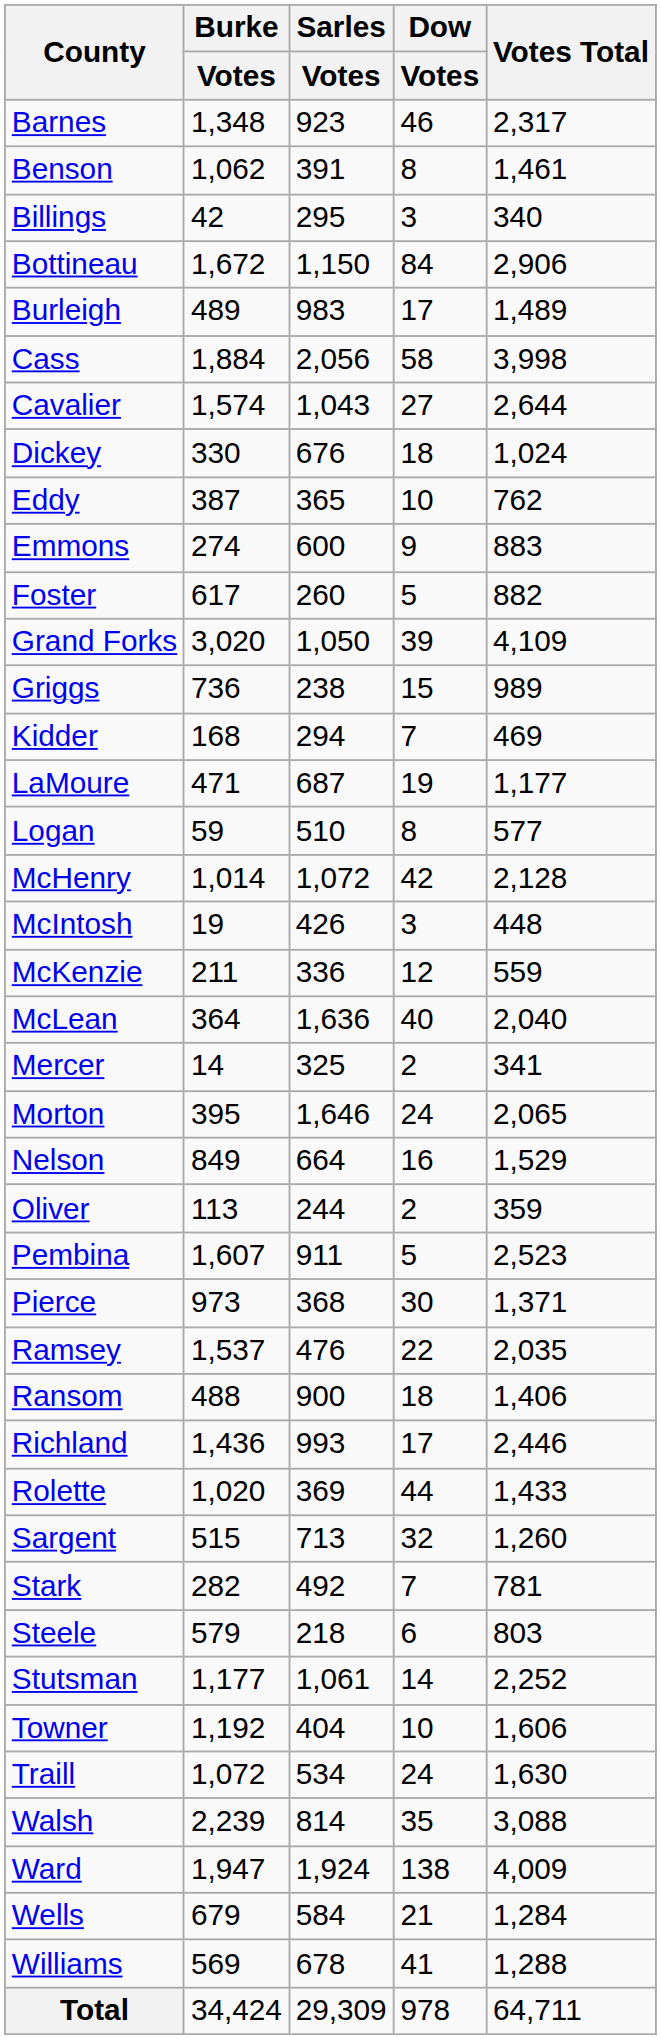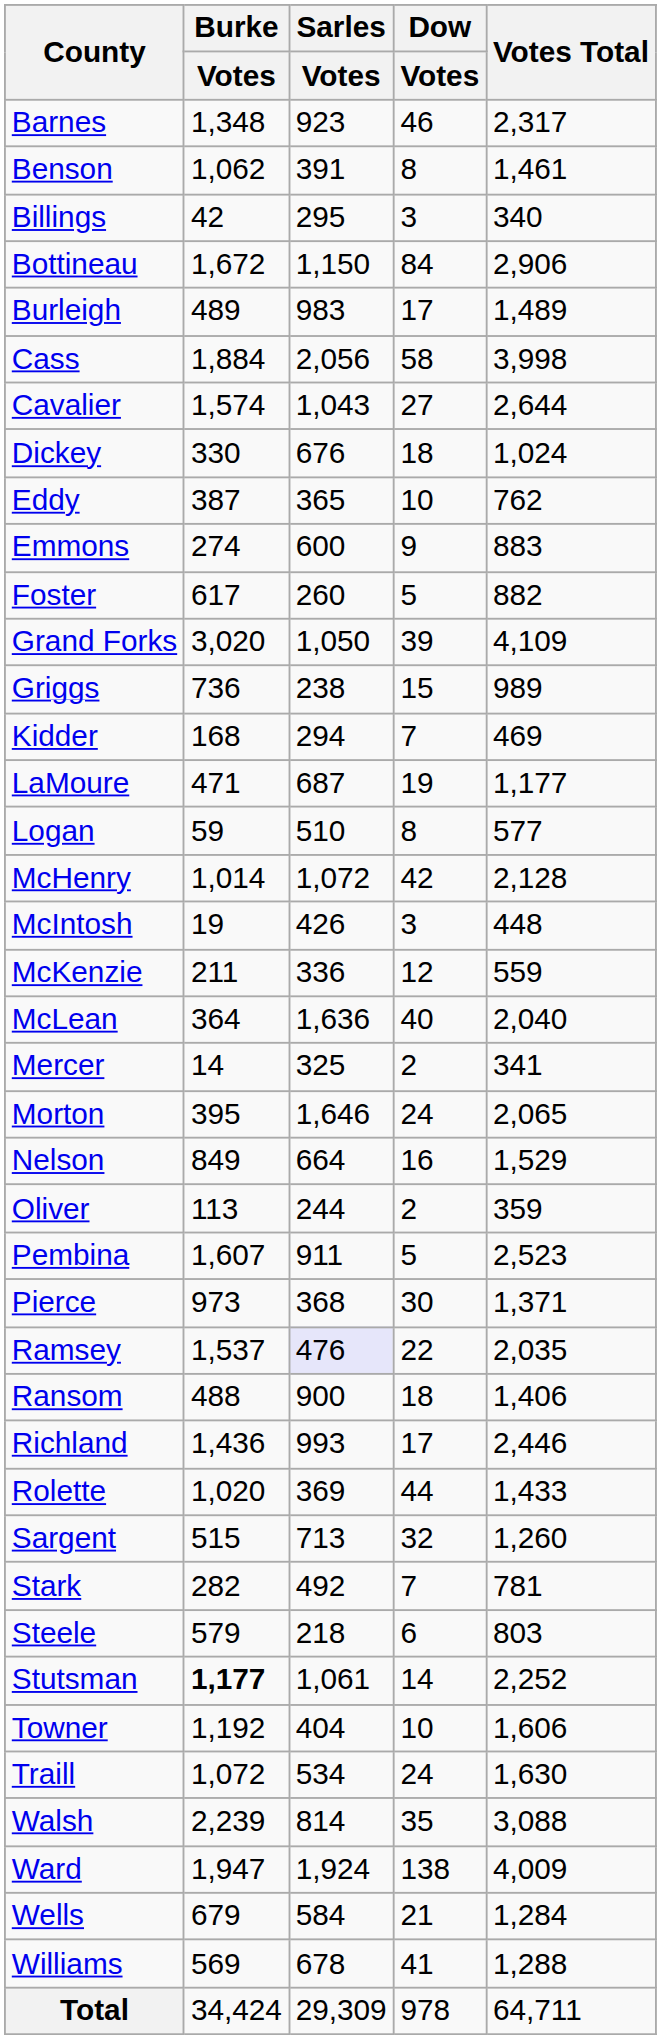 <table class="wikitable sortable">
 <tr>
 <th rowspan="2">County</th>
 <th>Burke</th>
 <th>Sarles</th>
 <th>Dow</th>
 <th rowspan="2">Votes Total</th>
 </tr>
 <tr>
 <th>Votes</th>
 <th>Votes</th>
 <th>Votes</th>
 </tr>
 <tr>
 <td><a href='#'>Barnes</a></td>
 <td>1,348</td>
 <td>923</td>
 <td>46</td>
 <td>2,317</td>
 </tr>
 <tr>
 <td><a href='#'>Benson</a></td>
 <td>1,062</td>
 <td>391</td>
 <td>8</td>
 <td>1,461</td>
 </tr>
 <tr>
 <td><a href='#'>Billings</a></td>
 <td>42</td>
 <td>295</td>
 <td>3</td>
 <td>340</td>
 </tr>
 <tr>
 <td><a href='#'>Bottineau</a></td>
 <td>1,672</td>
 <td>1,150</td>
 <td>84</td>
 <td>2,906</td>
 </tr>
 <tr>
 <td><a href='#'>Burleigh</a></td>
 <td>489</td>
 <td>983</td>
 <td>17</td>
 <td>1,489</td>
 </tr>
 <tr>
 <td><a href='#'>Cass</a></td>
 <td>1,884</td>
 <td>2,056</td>
 <td>58</td>
 <td>3,998</td>
 </tr>
 <tr>
 <td><a href='#'>Cavalier</a></td>
 <td>1,574</td>
 <td>1,043</td>
 <td>27</td>
 <td>2,644</td>
 </tr>
 <tr>
 <td><a href='#'>Dickey</a></td>
 <td>330</td>
 <td>676</td>
 <td>18</td>
 <td>1,024</td>
 </tr>
 <tr>
 <td><a href='#'>Eddy</a></td>
 <td>387</td>
 <td>365</td>
 <td>10</td>
 <td>762</td>
 </tr>
 <tr>
 <td><a href='#'>Emmons</a></td>
 <td>274</td>
 <td>600</td>
 <td>9</td>
 <td>883</td>
 </tr>
 <tr>
 <td><a href='#'>Foster</a></td>
 <td>617</td>
 <td>260</td>
 <td>5</td>
 <td>882</td>
 </tr>
 <tr>
 <td><a href='#'>Grand Forks</a></td>
 <td>3,020</td>
 <td>1,050</td>
 <td>39</td>
 <td>4,109</td>
 </tr>
 <tr>
 <td><a href='#'>Griggs</a></td>
 <td>736</td>
 <td>238</td>
 <td>15</td>
 <td>989</td>
 </tr>
 <tr>
 <td><a href='#'>Kidder</a></td>
 <td>168</td>
 <td>294</td>
 <td>7</td>
 <td>469</td>
 </tr>
 <tr>
 <td><a href='#'>LaMoure</a></td>
 <td>471</td>
 <td>687</td>
 <td>19</td>
 <td>1,177</td>
 </tr>
 <tr>
 <td><a href='#'>Logan</a></td>
 <td>59</td>
 <td>510</td>
 <td>8</td>
 <td>577</td>
 </tr>
 <tr>
 <td><a href='#'>McHenry</a></td>
 <td>1,014</td>
 <td>1,072</td>
 <td>42</td>
 <td>2,128</td>
 </tr>
 <tr>
 <td><a href='#'>McIntosh</a></td>
 <td>19</td>
 <td>426</td>
 <td>3</td>
 <td>448</td>
 </tr>
 <tr>
 <td><a href='#'>McKenzie</a></td>
 <td>211</td>
 <td>336</td>
 <td>12</td>
 <td>559</td>
 </tr>
 <tr>
 <td><a href='#'>McLean</a></td>
 <td>364</td>
 <td>1,636</td>
 <td>40</td>
 <td>2,040</td>
 </tr>
 <tr>
 <td><a href='#'>Mercer</a></td>
 <td>14</td>
 <td>325</td>
 <td>2</td>
 <td>341</td>
 </tr>
 <tr>
 <td><a href='#'>Morton</a></td>
 <td>395</td>
 <td>1,646</td>
 <td>24</td>
 <td>2,065</td>
 </tr>
 <tr>
 <td><a href='#'>Nelson</a></td>
 <td>849</td>
 <td>664</td>
 <td>16</td>
 <td>1,529</td>
 </tr>
 <tr>
 <td><a href='#'>Oliver</a></td>
 <td>113</td>
 <td>244</td>
 <td>2</td>
 <td>359</td>
 </tr>
 <tr>
 <td><a href='#'>Pembina</a></td>
 <td>1,607</td>
 <td>911</td>
 <td>5</td>
 <td>2,523</td>
 </tr>
 <tr>
 <td><a href='#'>Pierce</a></td>
 <td>973</td>
 <td>368</td>
 <td>30</td>
 <td>1,371</td>
 </tr>
 <tr>
 <td><a href='#'>Ramsey</a></td>
 <td>1,537</td>
-<td>476</td>
+<td style="background: lavender;">476</td>
 <td>22</td>
 <td>2,035</td>
 </tr>
 <tr>
 <td><a href='#'>Ransom</a></td>
 <td>488</td>
 <td>900</td>
 <td>18</td>
 <td>1,406</td>
 </tr>
 <tr>
 <td><a href='#'>Richland</a></td>
 <td>1,436</td>
 <td>993</td>
 <td>17</td>
 <td>2,446</td>
 </tr>
 <tr>
 <td><a href='#'>Rolette</a></td>
 <td>1,020</td>
 <td>369</td>
 <td>44</td>
 <td>1,433</td>
 </tr>
 <tr>
 <td><a href='#'>Sargent</a></td>
 <td>515</td>
 <td>713</td>
 <td>32</td>
 <td>1,260</td>
 </tr>
 <tr>
 <td><a href='#'>Stark</a></td>
 <td>282</td>
 <td>492</td>
 <td>7</td>
 <td>781</td>
 </tr>
 <tr>
 <td><a href='#'>Steele</a></td>
 <td>579</td>
 <td>218</td>
 <td>6</td>
 <td>803</td>
 </tr>
 <tr>
 <td><a href='#'>Stutsman</a></td>
-<td>1,177</td>
+<td><strong>1,177</strong></td>
 <td>1,061</td>
 <td>14</td>
 <td>2,252</td>
 </tr>
 <tr>
 <td><a href='#'>Towner</a></td>
 <td>1,192</td>
 <td>404</td>
 <td>10</td>
 <td>1,606</td>
 </tr>
 <tr>
 <td><a href='#'>Traill</a></td>
 <td>1,072</td>
 <td>534</td>
 <td>24</td>
 <td>1,630</td>
 </tr>
 <tr>
 <td><a href='#'>Walsh</a></td>
 <td>2,239</td>
 <td>814</td>
 <td>35</td>
 <td>3,088</td>
 </tr>
 <tr>
 <td><a href='#'>Ward</a></td>
 <td>1,947</td>
 <td>1,924</td>
 <td>138</td>
 <td>4,009</td>
 </tr>
 <tr>
 <td><a href='#'>Wells</a></td>
 <td>679</td>
 <td>584</td>
 <td>21</td>
 <td>1,284</td>
 </tr>
 <tr>
 <td><a href='#'>Williams</a></td>
 <td>569</td>
 <td>678</td>
 <td>41</td>
 <td>1,288</td>
 </tr>
 <tr>
 <th>Total</th>
 <td>34,424</td>
 <td>29,309</td>
 <td>978</td>
 <td>64,711</td>
 </tr>
 </table>
